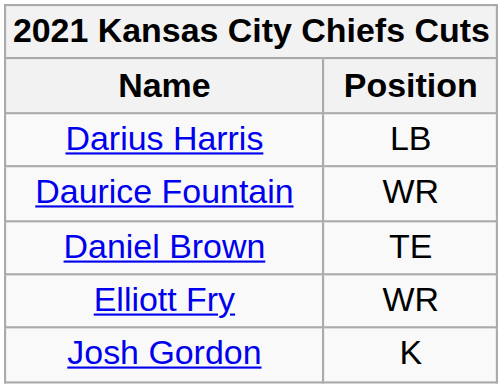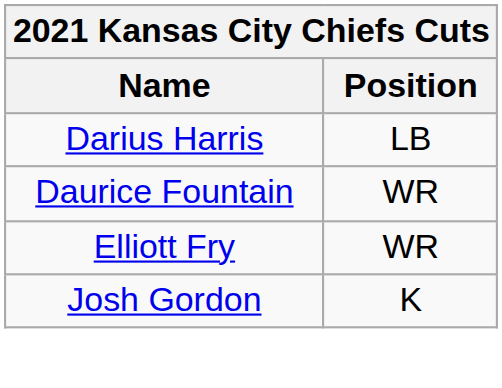 <table class="wikitable" style="text-align:center">
 <tr>
 <th colspan=2>2021 Kansas City Chiefs Cuts</th>
 </tr>
 <tr>
 <th>Name</th>
 <th>Position</th>
 </tr>
 <tr>
 <td><a href='#'>Darius Harris</a></td>
 <td>LB</td>
 </tr>
 <tr>
 <td><a href='#'>Daurice Fountain</a></td>
 <td>WR</td>
 </tr>
 <tr>
-<td><a href='#'>Daniel Brown</a></td>
-<td>TE</td>
-</tr>
-<tr>
 <td><a href='#'>Elliott Fry</a></td>
 <td>WR</td>
 </tr>
 <tr>
 <td><a href='#'>Josh Gordon</a></td>
 <td>K</td>
 </tr>
 </table>
